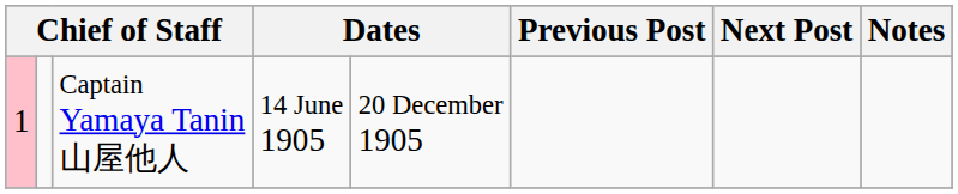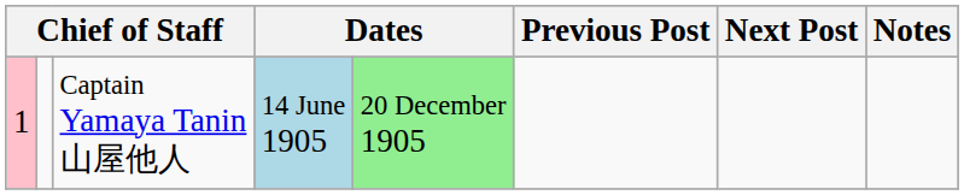 <table class=wikitable>
 <tr>
 <th colspan="3">Chief of Staff</th>
 <th colspan="2">Dates</th>
 <th>Previous Post</th>
 <th>Next Post</th>
 <th>Notes</th>
 </tr>
 <tr>
 <td style="background: pink;">1</td>
 <td></td>
 <td><small>Captain</small><br><a href='#'>Yamaya Tanin</a><br>山屋他人</td>
-<td><small>14 June</small><br>1905</td>
-<td><small>20 December</small><br>1905</td>
+<td style="background: lightblue;"><small>14 June</small><br>1905</td>
+<td style="background: lightgreen;"><small>20 December</small><br>1905</td>
 <td></td>
 <td></td>
 <td></td>
 </tr>
 </table>
